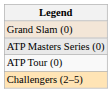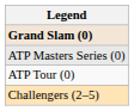 <table class=wikitable>
 <tr>
 <th>Legend</th>
 </tr>
 <tr bgcolor=f3e6d7>
-<td>Grand Slam (0)</td>
+<td><strong>Grand Slam (0)</strong></td>
 </tr>
 <tr bgcolor=e9e9e9>
 <td>ATP Masters Series (0)</td>
 </tr>
 <tr bgcolor=>
 <td>ATP Tour (0)</td>
 </tr>
 <tr bgcolor=moccasin>
 <td>Challengers (2–5)</td>
 </tr>
 </table>
